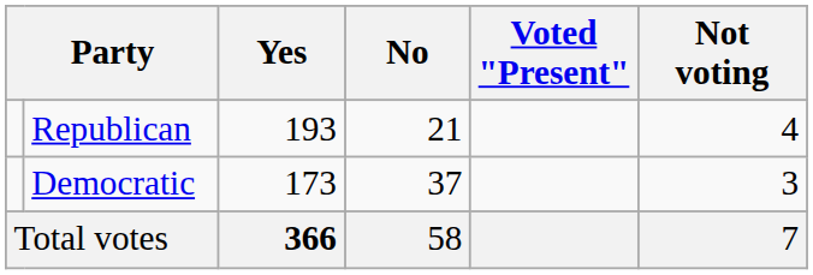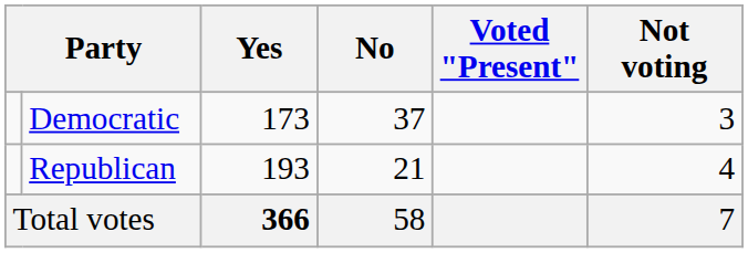 <table class="wikitable" style="margin-right: 1em; background: #f9f9f9; text-align: right;">
 <tr>
 <th colspan="2" scope="col" style="width: 90px">Party</th>
 <th scope="col" style="width: 50px">Yes</th>
 <th scope="col" style="width: 50px">No</th>
 <th scope="col" style="width: 50px"><a href='#'>Voted "Present"</a></th>
 <th scope="col" style="width: 70px">Not voting</th>
 </tr>
 <tr>
 <td scope="row" style="background-color:"></td>
+<td scope="row" style="text-align: left;"><a href='#'>Democratic</a></td>
+<td>173</td>
+<td>37</td>
+<td></td>
+<td>3</td>
+</tr>
+<tr>
+<td scope="row" style="background-color:"></td>
 <td scope="row" style="text-align: left;"><a href='#'>Republican</a></td>
 <td>193</td>
 <td>21</td>
 <td></td>
 <td>4</td>
-</tr>
-<tr>
-<td scope="row" style="background-color:"></td>
-<td scope="row" style="text-align: left;"><a href='#'>Democratic</a></td>
-<td>173</td>
-<td>37</td>
-<td></td>
-<td>3</td>
 </tr>
 <tr class="tfoot" style="background:#f2f2f2;">
 <td scope="row" colspan="2" style="text-align:left;">Total votes</td>
 <td><strong>366</strong></td>
 <td>58</td>
 <td></td>
 <td>7</td>
 </tr>
 </table>
